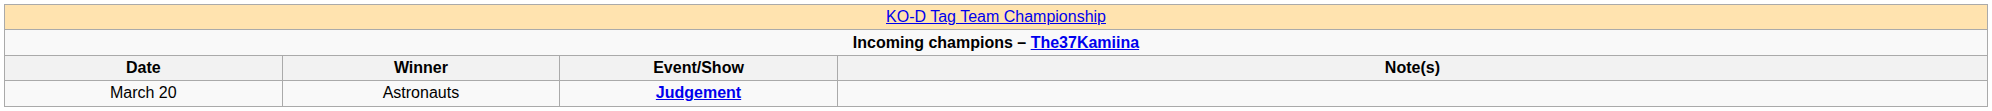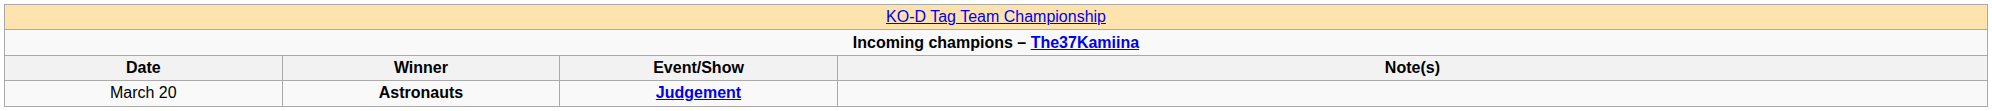 <table class="wikitable" style="text-align:center; width:100%;">
 <tr style="background:#ffe3af;">
 <td colspan="4" style="text-align: center;"><a href='#'>KO-D Tag Team Championship</a></td>
 </tr>
 <tr>
 <td colspan="4" style="text-align: center;"><strong>Incoming champions – <a href='#'>The37Kamiina</a> </strong></td>
 </tr>
 <tr>
 <th width=14%>Date</th>
 <th width=14%>Winner</th>
 <th width=14%>Event/Show</th>
 <th width=58%>Note(s)</th>
 </tr>
 <tr>
 <td>March 20</td>
-<td>Astronauts<br></td>
+<td><strong>Astronauts<br></strong></td>
 <td><strong><a href='#'>Judgement</a></strong></td>
 <td></td>
 </tr>
 </table>
